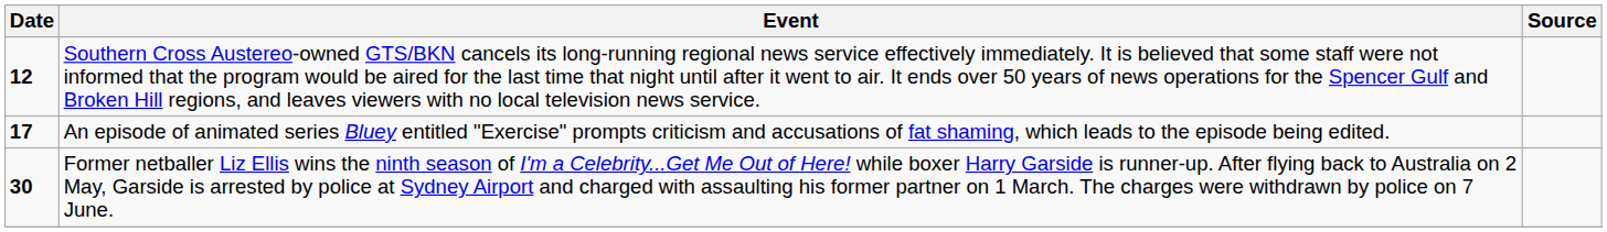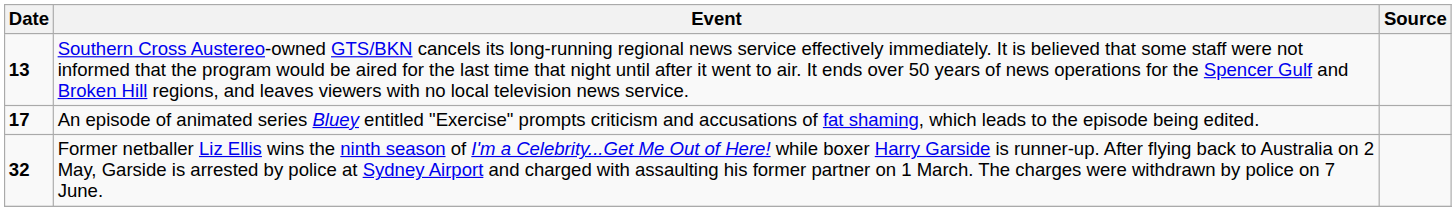 <table class="wikitable">
 <tr>
 <th>Date</th>
 <th>Event</th>
 <th>Source</th>
 </tr>
 <tr>
-<td><strong>12</strong></td>
+<td><strong>13</strong></td>
 <td><a href='#'>Southern Cross Austereo</a>-owned <a href='#'>GTS/BKN</a> cancels its long-running regional news service effectively immediately. It is believed that some staff were not informed that the program would be aired for the last time that night until after it went to air. It ends over 50 years of news operations for the <a href='#'>Spencer Gulf</a> and <a href='#'>Broken Hill</a> regions, and leaves viewers with no local television news service.</td>
 <td></td>
 </tr>
 <tr>
 <td><strong>17</strong></td>
 <td>An episode of animated series <em><a href='#'>Bluey</a></em> entitled "Exercise" prompts criticism and accusations of <a href='#'>fat shaming</a>, which leads to the episode being edited.</td>
 <td></td>
 </tr>
 <tr>
-<td><strong>30</strong></td>
+<td><strong>32</strong></td>
 <td>Former netballer <a href='#'>Liz Ellis</a> wins the <a href='#'>ninth season</a> of <em><a href='#'>I'm a Celebrity...Get Me Out of Here!</a></em> while boxer <a href='#'>Harry Garside</a> is runner-up. After flying back to Australia on 2 May, Garside is arrested by police at <a href='#'>Sydney Airport</a> and charged with assaulting his former partner on 1 March. The charges were withdrawn by police on 7 June.</td>
 <td></td>
 </tr>
 <tr>
 </tr>
 </table>
